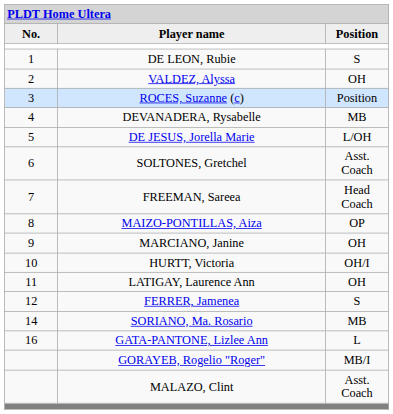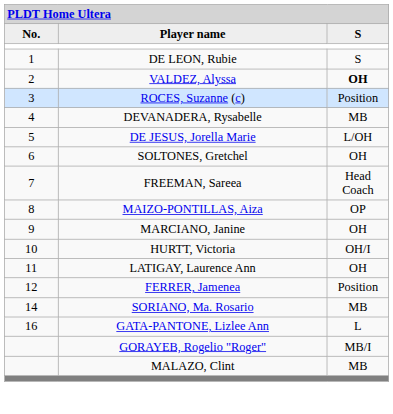 <table class='wikitable mw-collapsible mw-collapsed' style='text-align: center; width: 500px; border: none;'>
 <tr>
 <th style="background:#D4D4D4; text-align:left;" colspan=3> <a href='#'>PLDT Home Ultera</a></th>
 </tr>
 <tr style="background:#EEEEEE; font-weight:bold;">
 <td width=10%>No.</td>
 <td width=50%>Player name</td>
-<td width=10%>Position</td>
+<td align=center>S</td>
 </tr>
 <tr style="background:#FFFFFF;">
 <td colspan=3 align=center></td>
 </tr>
 <tr>
 <td align=center>1</td>
 <td>DE LEON, Rubie</td>
 <td align=center>S</td>
 </tr>
 <tr>
 <td align=center>2</td>
 <td><a href='#'>VALDEZ, Alyssa</a></td>
-<td align=center>OH</td>
+<td align=center><strong>OH</strong></td>
 </tr>
 <tr style="background: #D0E6FF">
 <td align=center>3</td>
 <td><a href='#'>ROCES, Suzanne</a> (<a href='#'>c</a>)</td>
 <td width=10%>Position</td>
 </tr>
 <tr>
 <td align=center>4</td>
 <td>DEVANADERA, Rysabelle</td>
 <td align=center>MB</td>
 </tr>
 <tr>
 <td align=center>5</td>
 <td><a href='#'>DE JESUS, Jorella Marie</a></td>
 <td align=center>L/OH</td>
 </tr>
 <tr>
 <td align=center>6</td>
 <td>SOLTONES, Gretchel</td>
-<td align=center>Asst. Coach</td>
+<td align=center>OH</td>
 </tr>
 <tr>
 <td align=center>7</td>
 <td> FREEMAN, Sareea</td>
 <td align=center>Head Coach</td>
 </tr>
 <tr>
 <td align=center>8</td>
 <td><a href='#'>MAIZO-PONTILLAS, Aiza</a></td>
 <td align=center>OP</td>
 </tr>
 <tr>
 <td align=center>9</td>
 <td>MARCIANO, Janine</td>
 <td align=center>OH</td>
 </tr>
 <tr>
 <td align=center>10</td>
 <td> HURTT, Victoria</td>
 <td align=center>OH/I</td>
 </tr>
 <tr>
 <td align=center>11</td>
 <td>LATIGAY, Laurence Ann</td>
 <td align=center>OH</td>
 </tr>
 <tr>
 <td align=center>12</td>
 <td><a href='#'>FERRER, Jamenea</a></td>
-<td align=center>S</td>
+<td width=10%>Position</td>
 </tr>
 <tr>
 <td align=center>14</td>
 <td><a href='#'>SORIANO, Ma. Rosario</a></td>
 <td align=center>MB</td>
 </tr>
 <tr>
 <td align=center>16</td>
 <td><a href='#'>GATA-PANTONE, Lizlee Ann</a></td>
 <td align=center>L</td>
 </tr>
 <tr>
 <td align=center></td>
 <td><a href='#'>GORAYEB, Rogelio "Roger"</a></td>
 <td align=center>MB/I</td>
 </tr>
 <tr>
 <td align=center></td>
 <td>MALAZO, Clint</td>
-<td align=center>Asst. Coach</td>
+<td align=center>MB</td>
 </tr>
 <tr>
 <th style="background:gray;" colspan=3></th>
 </tr>
 <tr>
 </tr>
 </table>
